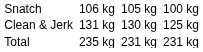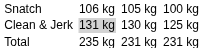 <table>
 <tr>
 <td>Snatch</td>
 <td></td>
 <td>106 kg</td>
 <td></td>
 <td>105 kg</td>
 <td></td>
 <td>100 kg</td>
 </tr>
 <tr>
 <td>Clean & Jerk</td>
 <td></td>
-<td>131 kg</td>
+<td style="background: lightgrey;">131 kg</td>
 <td></td>
 <td>130 kg</td>
 <td></td>
 <td>125 kg</td>
 </tr>
 <tr>
 <td>Total</td>
 <td></td>
 <td>235 kg</td>
 <td></td>
 <td>231 kg</td>
 <td></td>
 <td>231 kg</td>
 </tr>
 </table>
